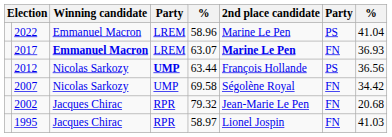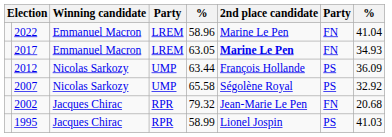 <table class="wikitable">
 <tr>
 <th colspan="2">Election</th>
 <th>Winning candidate</th>
 <th>Party</th>
 <th>%</th>
 <th>2nd place candidate</th>
 <th>Party</th>
 <th>%</th>
 </tr>
 <tr>
 <td style="background-color: "></td>
 <td><a href='#'>2022</a></td>
 <td><a href='#'>Emmanuel Macron</a></td>
 <td><a href='#'>LREM</a></td>
 <td>58.96</td>
 <td><a href='#'>Marine Le Pen</a></td>
-<td><a href='#'>PS</a></td>
+<td><a href='#'>FN</a></td>
 <td>41.04</td>
 </tr>
 <tr>
 <td style="background-color: "></td>
 <td><a href='#'>2017</a></td>
-<td><strong><a href='#'>Emmanuel Macron</a></strong></td>
+<td><a href='#'>Emmanuel Macron</a></td>
 <td><a href='#'>LREM</a></td>
-<td>63.07</td>
+<td>63.05</td>
 <td><strong><a href='#'>Marine Le Pen</a></strong></td>
 <td><a href='#'>FN</a></td>
-<td>36.93</td>
+<td>34.93</td>
 </tr>
 <tr>
 <td style="background-color: "></td>
 <td><a href='#'>2012</a></td>
 <td><a href='#'>Nicolas Sarkozy</a></td>
-<td><strong><a href='#'>UMP</a></strong></td>
+<td><a href='#'>UMP</a></td>
 <td>63.44</td>
 <td><a href='#'>François Hollande</a></td>
 <td><a href='#'>PS</a></td>
-<td>36.56</td>
+<td>36.09</td>
 </tr>
 <tr>
 <td style="background-color: "></td>
 <td><a href='#'>2007</a></td>
 <td><a href='#'>Nicolas Sarkozy</a></td>
 <td><a href='#'>UMP</a></td>
-<td>69.58</td>
+<td>65.58</td>
 <td><a href='#'>Ségolène Royal</a></td>
-<td><a href='#'>FN</a></td>
-<td>34.42</td>
+<td><a href='#'>PS</a></td>
+<td>32.92</td>
 </tr>
 <tr>
 <td style="background-color: "></td>
 <td><a href='#'>2002</a></td>
 <td><a href='#'>Jacques Chirac</a></td>
 <td><a href='#'>RPR</a></td>
 <td>79.32</td>
 <td><a href='#'>Jean-Marie Le Pen</a></td>
 <td><a href='#'>FN</a></td>
 <td>20.68</td>
 </tr>
 <tr>
 <td style="background-color: "></td>
 <td><a href='#'>1995</a></td>
 <td><a href='#'>Jacques Chirac</a></td>
 <td><a href='#'>RPR</a></td>
-<td>58.97</td>
+<td>58.99</td>
 <td><a href='#'>Lionel Jospin</a></td>
-<td><a href='#'>FN</a></td>
+<td><a href='#'>PS</a></td>
 <td>41.03</td>
 </tr>
 </table>
